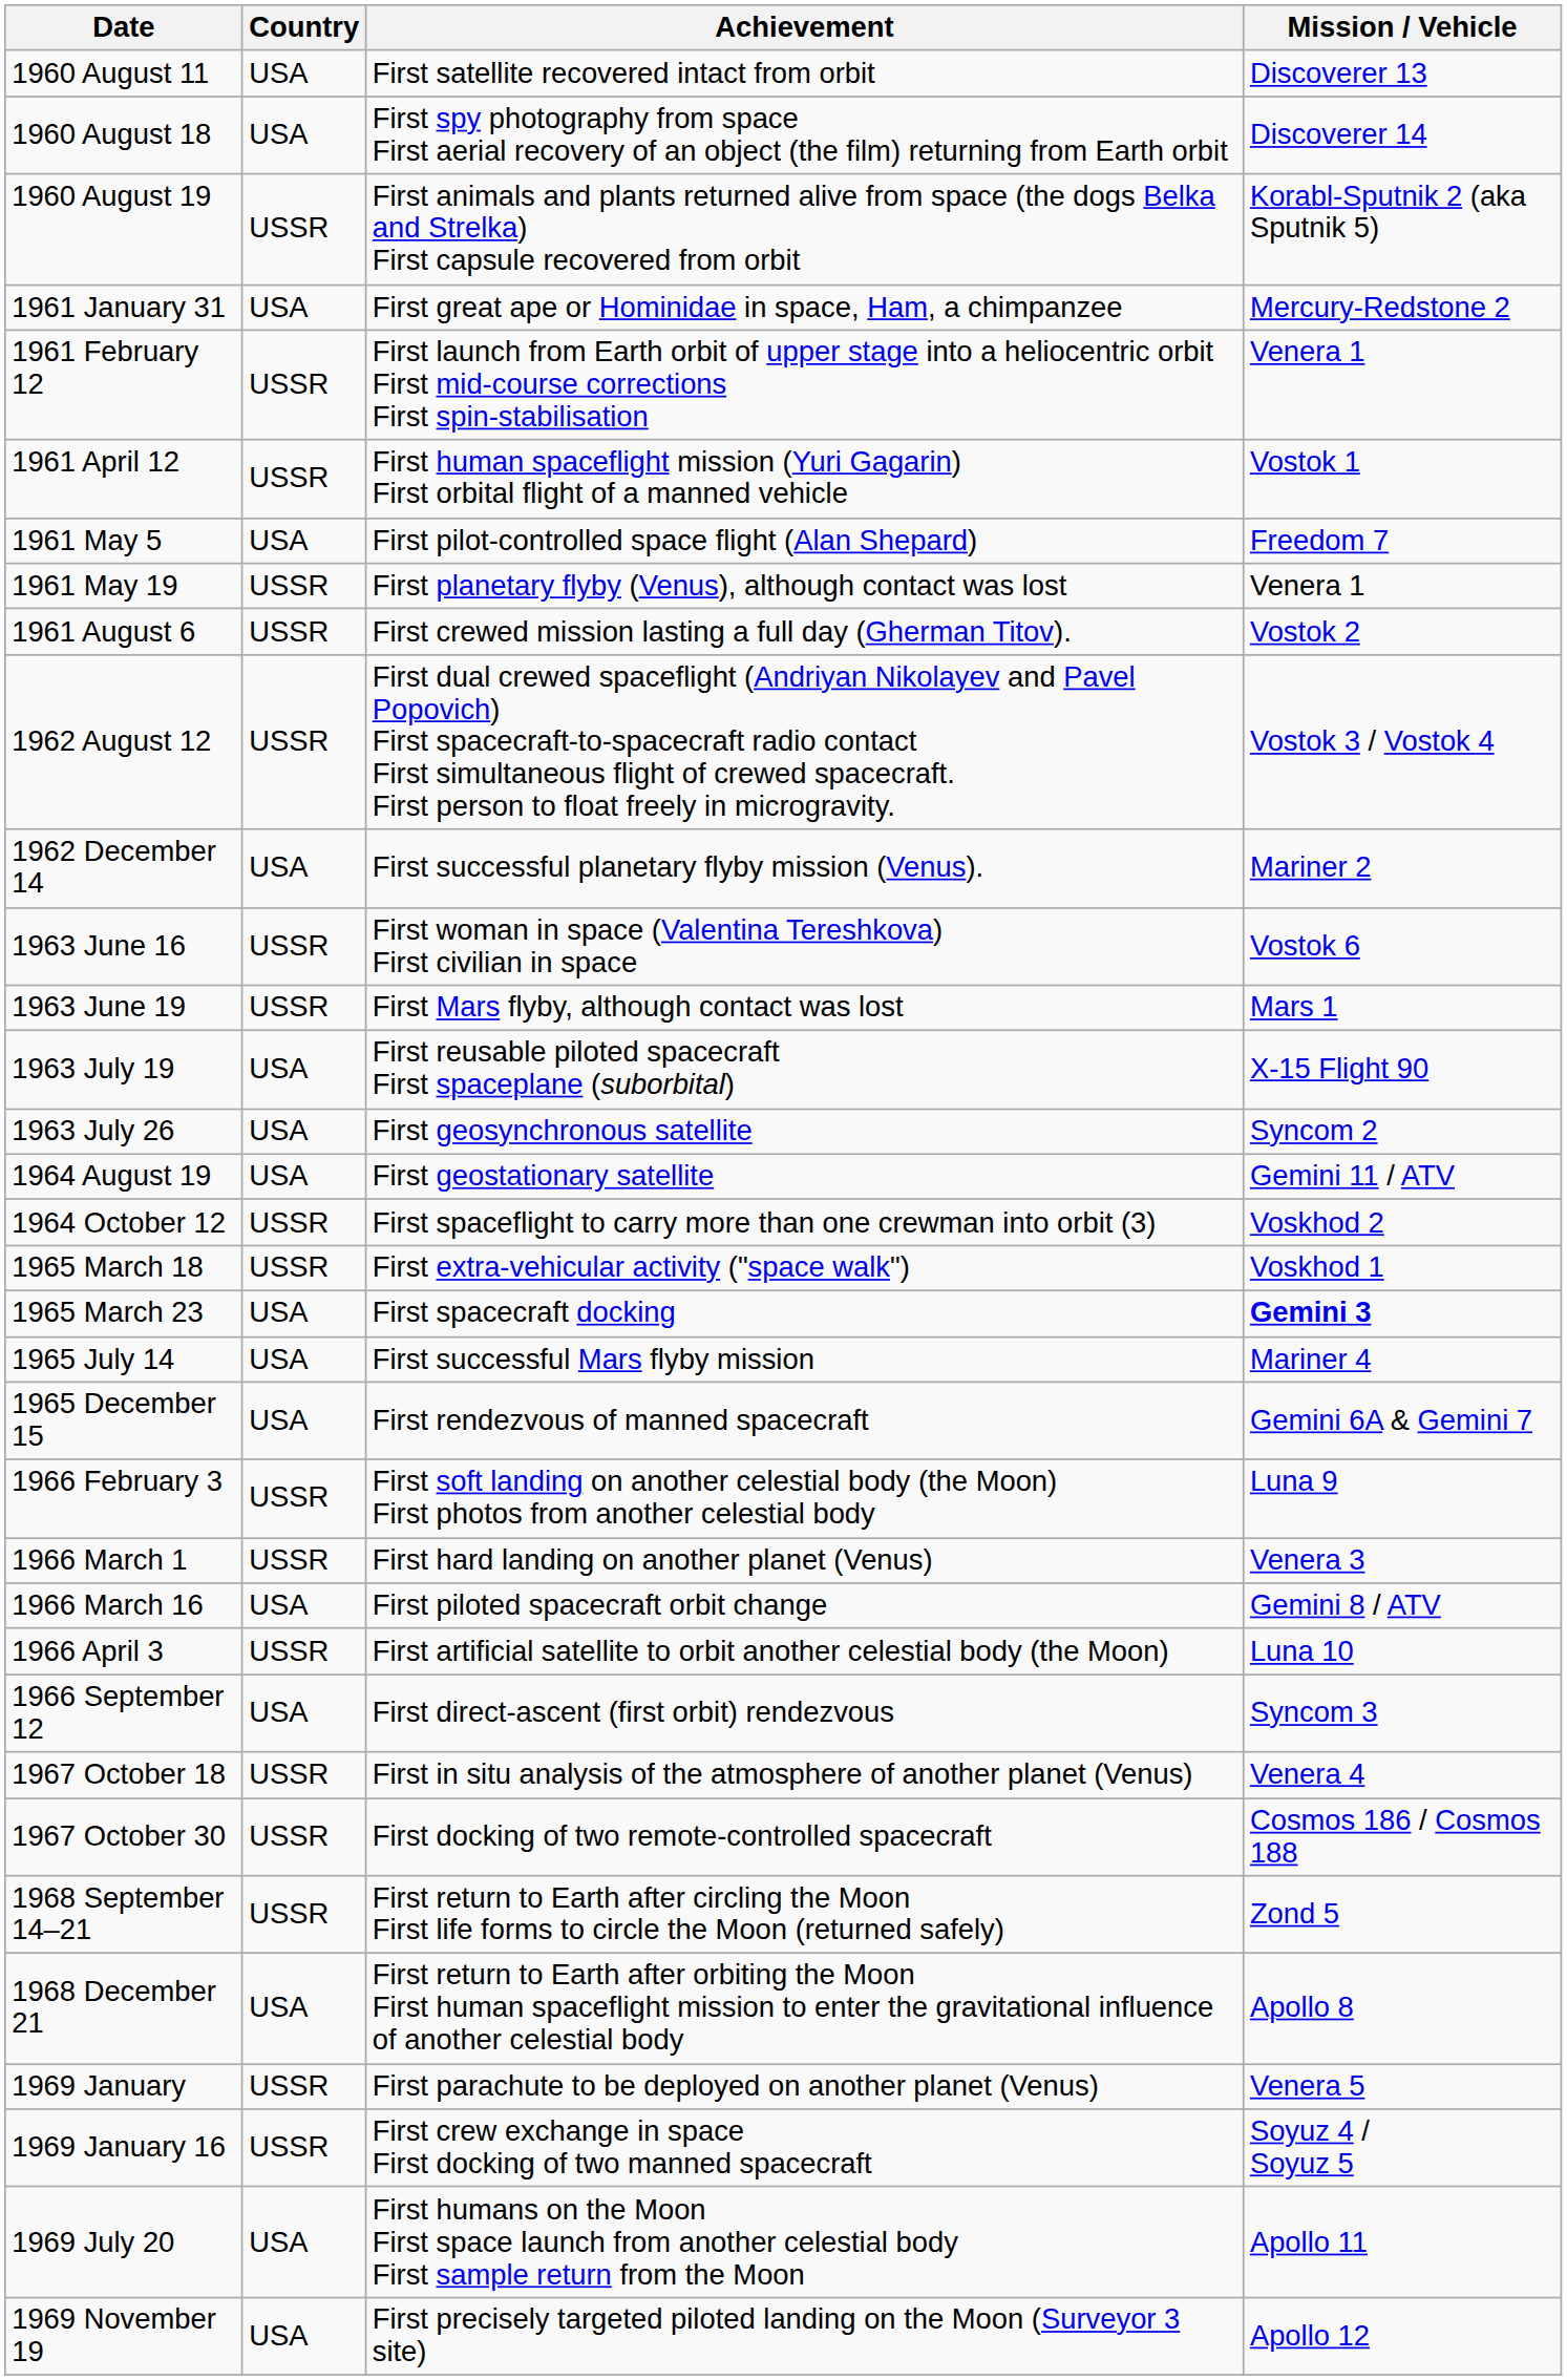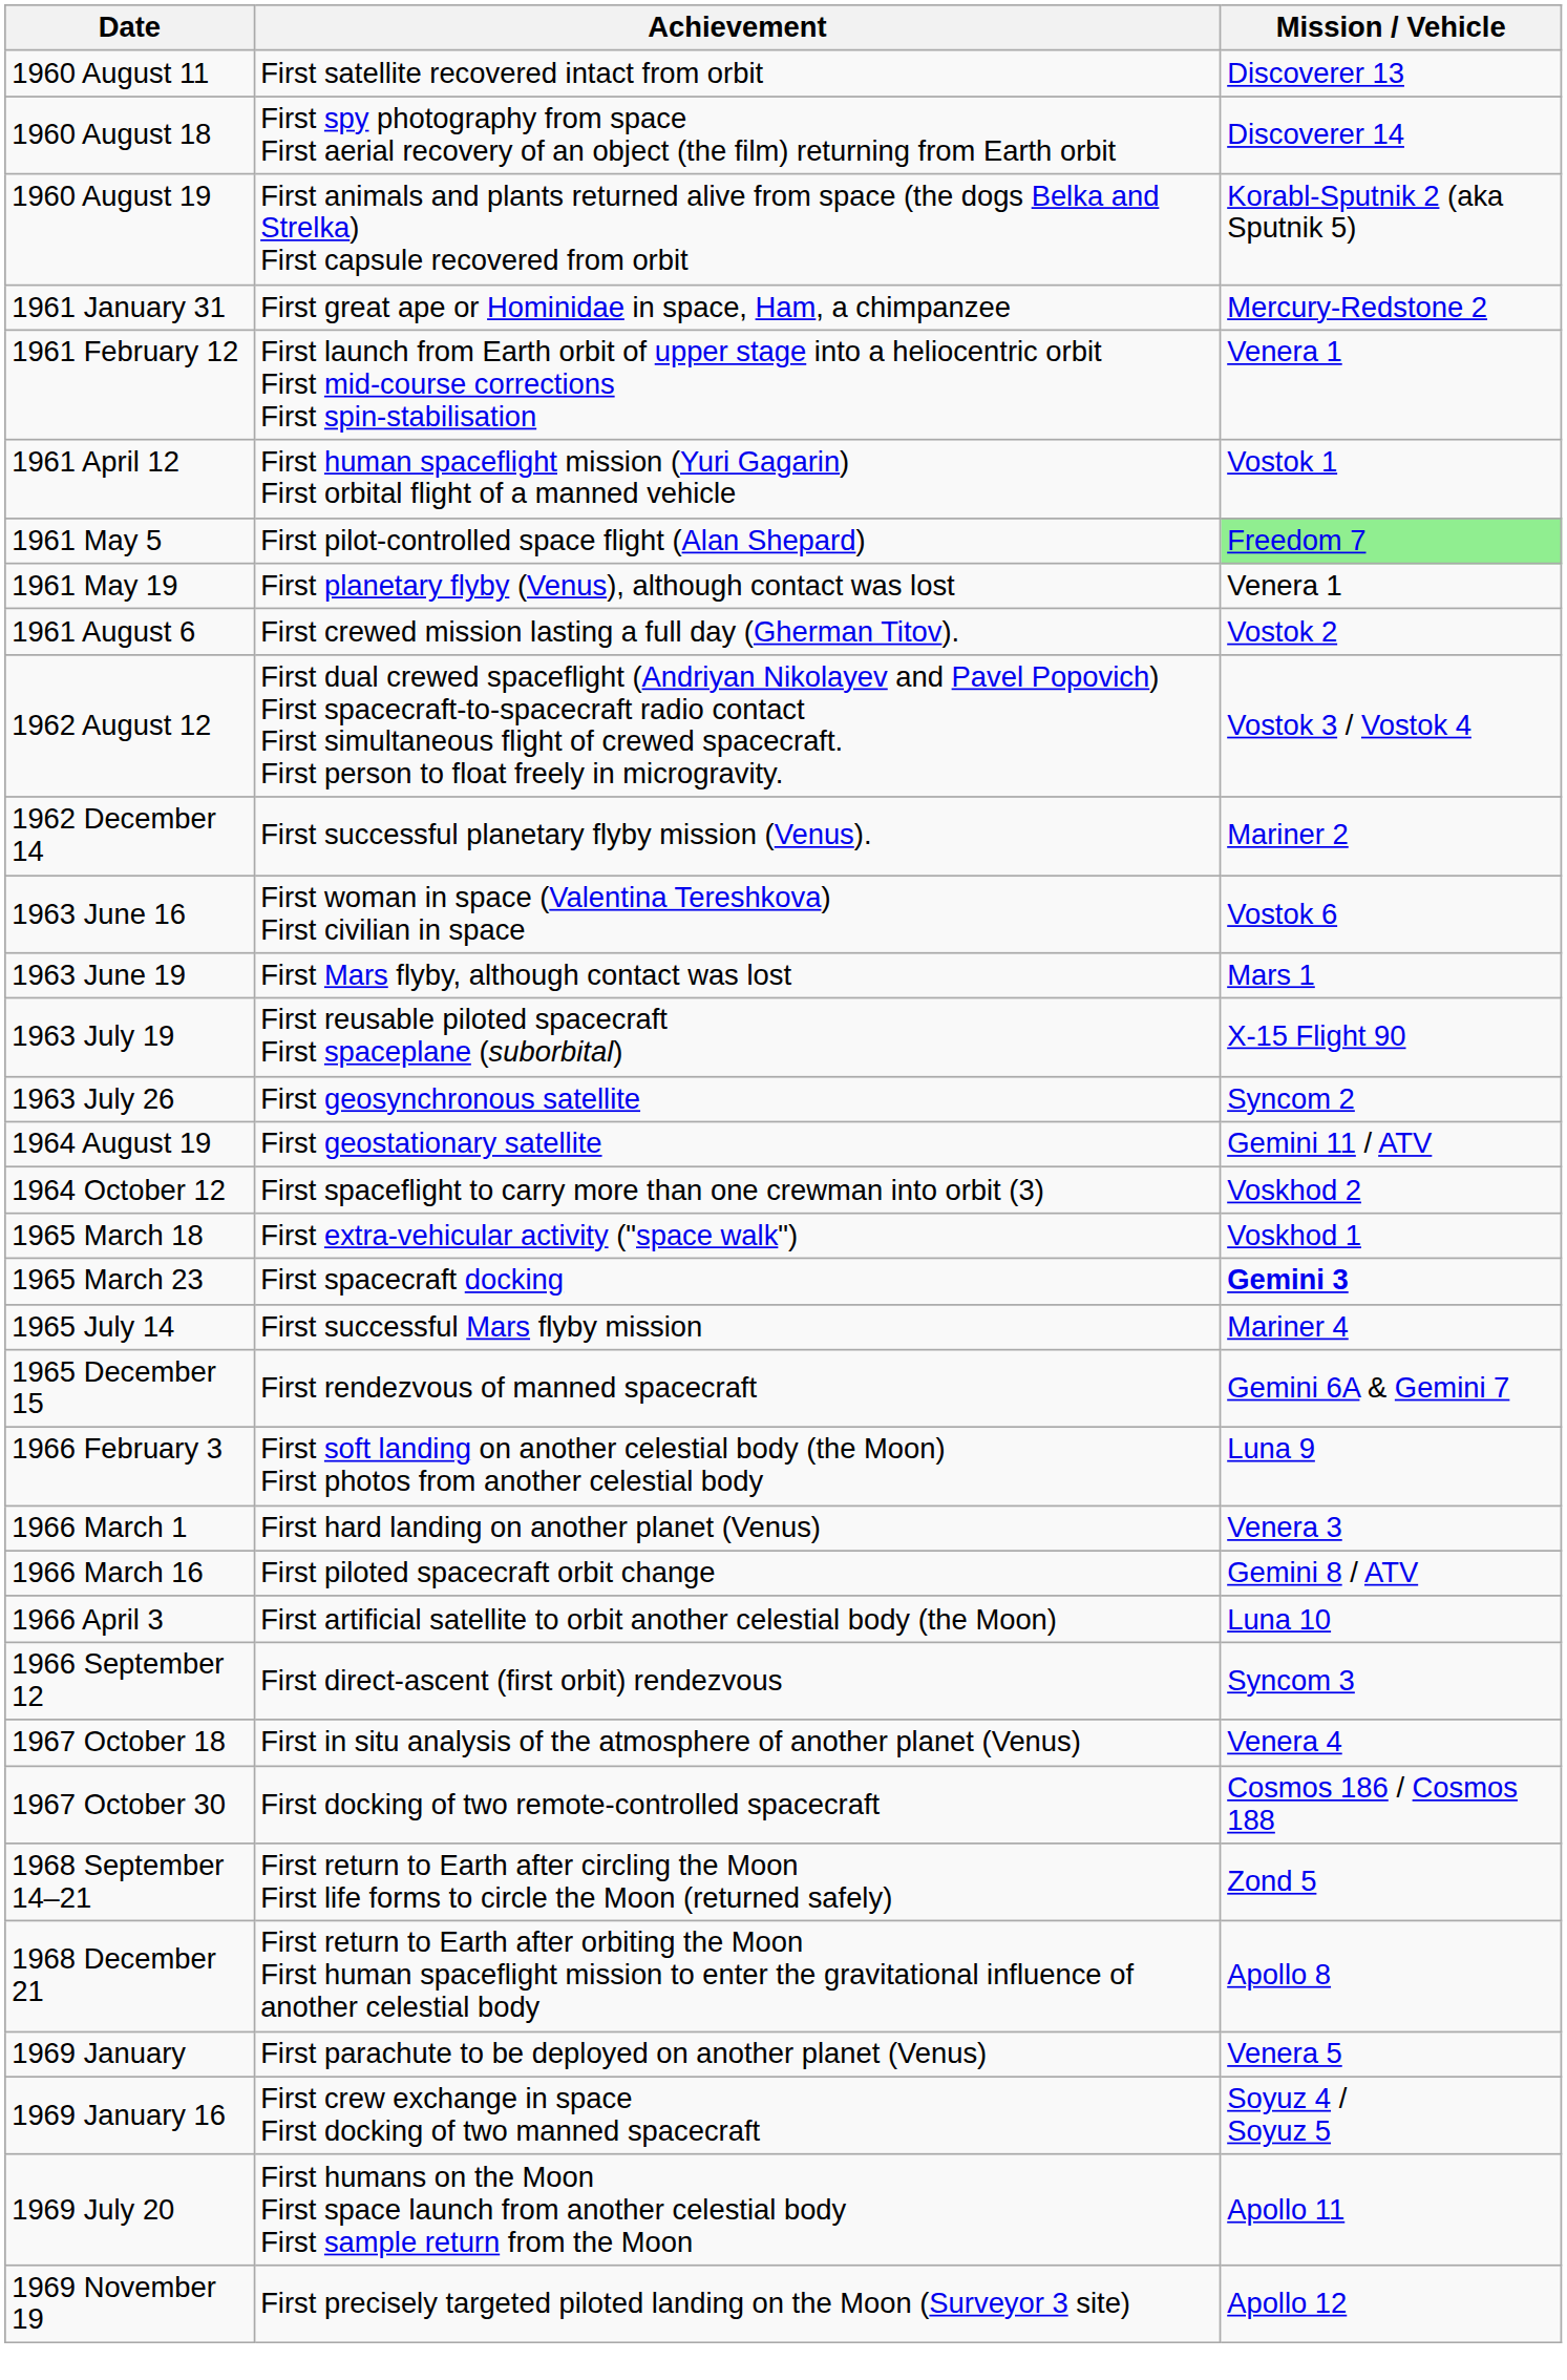 <table class="wikitable sticky-header">
 <tr>
 <th width="140">Date</th>
-<th width="10">Country</th>
 <th width="600">Achievement</th>
 <th width="200">Mission / Vehicle</th>
 </tr>
 <tr>
 <td>1960 August 11</td>
-<td> USA</td>
 <td>First satellite recovered intact from orbit</td>
 <td><a href='#'>Discoverer 13</a></td>
 </tr>
 <tr>
 <td>1960 August 18</td>
-<td> USA</td>
 <td>First <a href='#'>spy</a> photography from space<br>First aerial recovery of an object (the film) returning from Earth orbit</td>
 <td><a href='#'>Discoverer 14</a></td>
 </tr>
 <tr>
 <td valign=top>1960 August 19</td>
-<td> USSR</td>
 <td>First animals and plants returned alive from space (the dogs <a href='#'>Belka and Strelka</a>)<br>First capsule recovered from orbit</td>
 <td valign=top><a href='#'>Korabl-Sputnik 2</a> (aka Sputnik 5)</td>
 </tr>
 <tr>
 <td valign=top>1961 January 31</td>
-<td> USA</td>
 <td valign=top>First great ape or <a href='#'>Hominidae</a> in space, <a href='#'>Ham</a>, a chimpanzee</td>
 <td valign=top><a href='#'>Mercury-Redstone 2</a></td>
 </tr>
 <tr>
 <td valign=top>1961 February 12 </td>
-<td> USSR</td>
 <td>First launch from Earth orbit of <a href='#'>upper stage</a> into a heliocentric orbit<br>First <a href='#'>mid-course corrections</a> <br>First <a href='#'>spin-stabilisation</a></td>
 <td valign=top><a href='#'>Venera 1</a></td>
 </tr>
 <tr>
 <td valign=top>1961 April 12</td>
-<td> USSR</td>
 <td>First <a href='#'>human spaceflight</a> mission (<a href='#'>Yuri Gagarin</a>)<br>First orbital flight of a manned vehicle</td>
 <td valign=top><a href='#'>Vostok 1</a></td>
 </tr>
 <tr>
 <td valign=top>1961 May 5</td>
-<td> USA</td>
 <td>First pilot-controlled space flight (<a href='#'>Alan Shepard</a>)</td>
-<td valign=top><a href='#'>Freedom 7</a></td>
+<td valign=top style="background: lightgreen;"><a href='#'>Freedom 7</a></td>
 </tr>
 <tr>
 <td>1961 May 19</td>
-<td> USSR</td>
 <td>First <a href='#'>planetary flyby</a> (<a href='#'>Venus</a>), although contact was lost</td>
 <td valign=top>Venera 1</td>
 </tr>
 <tr>
 <td>1961 August 6</td>
-<td> USSR</td>
 <td>First crewed mission lasting a full day (<a href='#'>Gherman Titov</a>).</td>
 <td valign=top><a href='#'>Vostok 2</a></td>
 </tr>
 <tr>
 <td>1962 August 12</td>
-<td> USSR</td>
 <td>First dual crewed spaceflight (<a href='#'>Andriyan Nikolayev</a> and <a href='#'>Pavel Popovich</a>)<br>First spacecraft-to-spacecraft radio contact<br> First simultaneous flight of crewed spacecraft. <br>First person to float freely in microgravity.</td>
 <td><a href='#'>Vostok 3</a> / <a href='#'>Vostok 4</a></td>
 </tr>
 <tr>
 <td>1962 December 14</td>
-<td> USA</td>
 <td>First successful planetary flyby mission (<a href='#'>Venus</a>).</td>
 <td><a href='#'>Mariner 2</a></td>
 </tr>
 <tr>
 <td>1963 June 16</td>
-<td> USSR</td>
 <td>First woman in space (<a href='#'>Valentina Tereshkova</a>) <br>First civilian in space</td>
 <td><a href='#'>Vostok 6</a></td>
 </tr>
 <tr>
 <td>1963 June 19</td>
-<td> USSR</td>
 <td>First <a href='#'>Mars</a> flyby, although contact was lost</td>
 <td><a href='#'>Mars 1</a></td>
 </tr>
 <tr>
 <td>1963 July 19</td>
-<td> USA</td>
 <td>First reusable piloted spacecraft<br>First <a href='#'>spaceplane</a> (<em>suborbital</em>)</td>
 <td><a href='#'>X-15 Flight 90</a></td>
 </tr>
 <tr>
 <td>1963 July 26</td>
-<td> USA</td>
 <td>First <a href='#'>geosynchronous satellite</a></td>
 <td><a href='#'>Syncom 2</a></td>
 </tr>
 <tr>
 <td>1964 August 19</td>
-<td> USA</td>
 <td>First <a href='#'>geostationary satellite</a></td>
 <td><a href='#'>Gemini 11</a> / <a href='#'>ATV</a></td>
 </tr>
 <tr>
 <td>1964 October 12</td>
-<td> USSR</td>
 <td>First spaceflight to carry more than one crewman into orbit (3)</td>
 <td><a href='#'>Voskhod 2</a></td>
 </tr>
 <tr>
 <td>1965 March 18</td>
-<td> USSR</td>
 <td>First <a href='#'>extra-vehicular activity</a> ("<a href='#'>space walk</a>")</td>
 <td><a href='#'>Voskhod 1</a></td>
 </tr>
 <tr>
 <td>1965 March 23</td>
-<td> USA</td>
 <td>First  spacecraft <a href='#'>docking</a></td>
 <td><strong><a href='#'>Gemini 3</a></strong></td>
 </tr>
 <tr>
 <td>1965 July 14</td>
-<td> USA</td>
 <td>First successful <a href='#'>Mars</a> flyby mission</td>
 <td><a href='#'>Mariner 4</a></td>
 </tr>
 <tr>
 <td>1965 December 15</td>
-<td> USA</td>
 <td>First rendezvous of manned spacecraft</td>
 <td><a href='#'>Gemini 6A</a> & <a href='#'>Gemini 7</a></td>
 </tr>
 <tr>
 <td valign=top>1966 February 3</td>
-<td> USSR</td>
 <td>First <a href='#'>soft landing</a> on another celestial body (the Moon) <br>First photos from another celestial body</td>
 <td valign=top><a href='#'>Luna 9</a></td>
 </tr>
 <tr>
 <td>1966 March 1</td>
-<td> USSR</td>
 <td>First hard landing on another planet (Venus)</td>
 <td><a href='#'>Venera 3</a></td>
 </tr>
 <tr>
 <td>1966 March 16</td>
-<td> USA</td>
 <td>First piloted spacecraft orbit change</td>
 <td><a href='#'>Gemini 8</a> / <a href='#'>ATV</a></td>
 </tr>
 <tr>
 <td>1966 April 3</td>
-<td> USSR</td>
 <td>First artificial satellite to orbit another celestial body (the Moon)</td>
 <td><a href='#'>Luna 10</a></td>
 </tr>
 <tr>
 <td>1966 September 12</td>
-<td> USA</td>
 <td>First direct-ascent (first orbit) rendezvous</td>
 <td><a href='#'>Syncom 3</a></td>
 </tr>
 <tr>
 <td>1967 October 18</td>
-<td> USSR</td>
 <td>First in situ analysis of the atmosphere of another planet (Venus)</td>
 <td><a href='#'>Venera 4</a></td>
 </tr>
 <tr>
 <td>1967 October 30</td>
-<td> USSR</td>
 <td>First docking of two remote-controlled spacecraft</td>
 <td><a href='#'>Cosmos 186</a> / <a href='#'>Cosmos 188</a></td>
 </tr>
 <tr>
 <td>1968 September 14–21</td>
-<td> USSR</td>
 <td>First return to Earth after circling the Moon<br>First life forms to circle the Moon (returned safely)</td>
 <td><a href='#'>Zond 5</a></td>
 </tr>
 <tr>
 <td>1968 December 21</td>
-<td> USA</td>
 <td>First return to Earth after orbiting the Moon<br>First human spaceflight mission to enter the gravitational influence of another celestial body</td>
 <td><a href='#'>Apollo 8</a></td>
 </tr>
 <tr>
 <td>1969 January</td>
-<td> USSR</td>
 <td>First parachute to be deployed on another planet (Venus)</td>
 <td><a href='#'>Venera 5</a></td>
 </tr>
 <tr>
 <td>1969 January 16</td>
-<td> USSR</td>
 <td>First crew exchange in space<br>First docking of two manned spacecraft</td>
 <td><a href='#'>Soyuz 4</a> /<br><a href='#'>Soyuz 5</a></td>
 </tr>
 <tr>
 <td>1969 July 20</td>
-<td> USA</td>
 <td>First humans on the Moon <br>First space launch from another celestial body<br>First <a href='#'>sample return</a> from the Moon</td>
 <td><a href='#'>Apollo 11</a></td>
 </tr>
 <tr>
 <td>1969 November 19</td>
-<td> USA</td>
 <td>First precisely targeted piloted landing on the Moon (<a href='#'>Surveyor 3</a> site)</td>
 <td><a href='#'>Apollo 12</a></td>
 </tr>
 </table>
